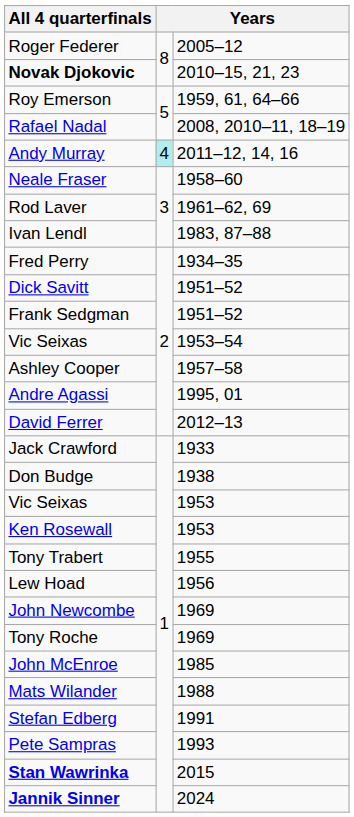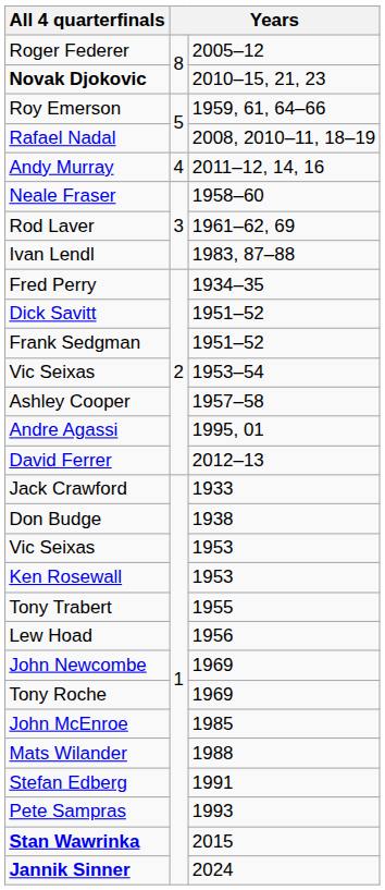 <table class=wikitable style="display:inline-table;">
 <tr>
 <th>All 4 quarterfinals</th>
 <th colspan=2>Years</th>
 </tr>
 <tr>
 <td> Roger Federer</td>
 <td rowspan=2>8</td>
 <td>2005–12</td>
 </tr>
 <tr>
 <td> <strong>Novak Djokovic</strong></td>
 <td>2010–15, 21, 23</td>
 </tr>
 <tr>
 <td> Roy Emerson</td>
 <td rowspan=2>5</td>
 <td>1959, 61, 64–66</td>
 </tr>
 <tr>
 <td> <a href='#'>Rafael Nadal</a></td>
 <td>2008, 2010–11, 18–19</td>
 </tr>
 <tr>
 <td> <a href='#'>Andy Murray</a></td>
-<td style="background: paleturquoise;">4</td>
+<td>4</td>
 <td>2011–12, 14, 16</td>
 </tr>
 <tr>
 <td> <a href='#'>Neale Fraser</a></td>
 <td rowspan=3>3</td>
 <td>1958–60</td>
 </tr>
 <tr>
 <td> Rod Laver</td>
 <td>1961–62, 69</td>
 </tr>
 <tr>
 <td> Ivan Lendl</td>
 <td>1983, 87–88</td>
 </tr>
 <tr>
 <td> Fred Perry</td>
 <td rowspan=7>2</td>
 <td>1934–35</td>
 </tr>
 <tr>
 <td> <a href='#'>Dick Savitt</a></td>
 <td>1951–52</td>
 </tr>
 <tr>
 <td> Frank Sedgman</td>
 <td>1951–52</td>
 </tr>
 <tr>
 <td> Vic Seixas</td>
 <td>1953–54</td>
 </tr>
 <tr>
 <td> Ashley Cooper</td>
 <td>1957–58</td>
 </tr>
 <tr>
 <td> <a href='#'>Andre Agassi</a></td>
 <td>1995, 01</td>
 </tr>
 <tr>
 <td> <a href='#'>David Ferrer</a></td>
 <td>2012–13</td>
 </tr>
 <tr>
 <td> Jack Crawford</td>
 <td rowspan=14>1</td>
 <td>1933</td>
 </tr>
 <tr>
 <td> Don Budge</td>
 <td>1938</td>
 </tr>
 <tr>
 <td> Vic Seixas</td>
 <td>1953</td>
 </tr>
 <tr>
 <td> <a href='#'>Ken Rosewall</a></td>
 <td>1953</td>
 </tr>
 <tr>
 <td> Tony Trabert</td>
 <td>1955</td>
 </tr>
 <tr>
 <td> Lew Hoad</td>
 <td>1956</td>
 </tr>
 <tr>
 <td> <a href='#'>John Newcombe</a></td>
 <td>1969</td>
 </tr>
 <tr>
 <td> Tony Roche</td>
 <td>1969</td>
 </tr>
 <tr>
 <td> <a href='#'>John McEnroe</a></td>
 <td>1985</td>
 </tr>
 <tr>
 <td> <a href='#'>Mats Wilander</a></td>
 <td>1988</td>
 </tr>
 <tr>
 <td> <a href='#'>Stefan Edberg</a></td>
 <td>1991</td>
 </tr>
 <tr>
 <td> <a href='#'>Pete Sampras</a></td>
 <td>1993</td>
 </tr>
 <tr>
 <td> <strong><a href='#'>Stan Wawrinka</a></strong></td>
 <td>2015</td>
 </tr>
 <tr>
 <td> <strong><a href='#'>Jannik Sinner</a></strong></td>
 <td>2024</td>
 </tr>
 </table>
